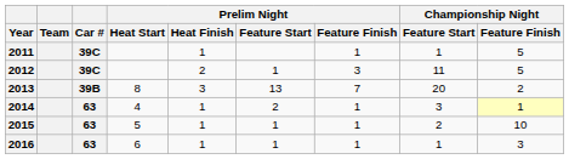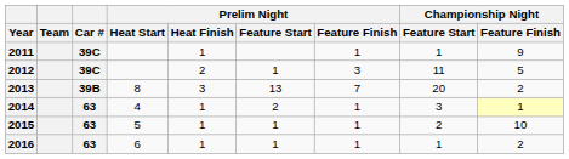 <table class="wikitable" style="text-align:center; font-size:85%">
 <tr>
 <th></th>
 <th></th>
 <th></th>
 <th colspan=4>Prelim Night</th>
 <th colspan=2>Championship Night</th>
 </tr>
 <tr>
 <th>Year</th>
 <th>Team</th>
 <th>Car #</th>
 <th>Heat Start</th>
 <th>Heat Finish</th>
 <th>Feature Start</th>
 <th>Feature Finish</th>
 <th>Feature Start</th>
 <th>Feature Finish</th>
 </tr>
 <tr>
 <th>2011</th>
 <th></th>
 <th>39C</th>
 <td></td>
 <td>1</td>
 <td></td>
 <td>1</td>
 <td>1</td>
-<td>5</td>
+<td>9</td>
 </tr>
 <tr>
 <th>2012</th>
 <th></th>
 <th>39C</th>
 <td></td>
 <td>2</td>
 <td>1</td>
 <td>3</td>
 <td>11</td>
 <td>5</td>
 </tr>
 <tr>
 <th>2013</th>
 <th></th>
 <th>39B</th>
 <td>8</td>
 <td>3</td>
 <td>13</td>
 <td>7</td>
 <td>20</td>
 <td>2</td>
 </tr>
 <tr>
 <th>2014</th>
 <th></th>
 <th>63</th>
 <td>4</td>
 <td>1</td>
 <td>2</td>
 <td>1</td>
 <td>3</td>
 <td style="background:#FFFFBF;">1</td>
 </tr>
 <tr>
 <th>2015</th>
 <th></th>
 <th>63</th>
 <td>5</td>
 <td>1</td>
 <td>1</td>
 <td>1</td>
 <td>2</td>
 <td>10</td>
 </tr>
 <tr>
 <th>2016</th>
 <th></th>
 <th>63</th>
 <td>6</td>
 <td>1</td>
 <td>1</td>
 <td>1</td>
 <td>1</td>
-<td>3</td>
+<td>2</td>
 </tr>
 </table>
